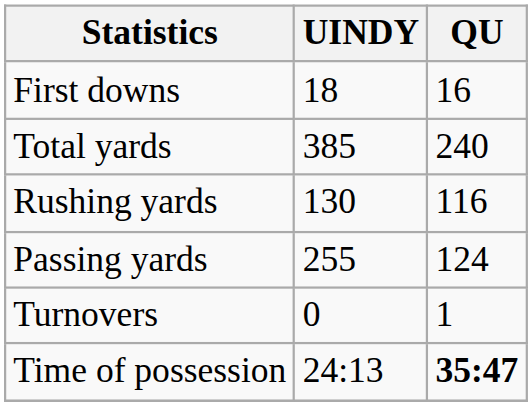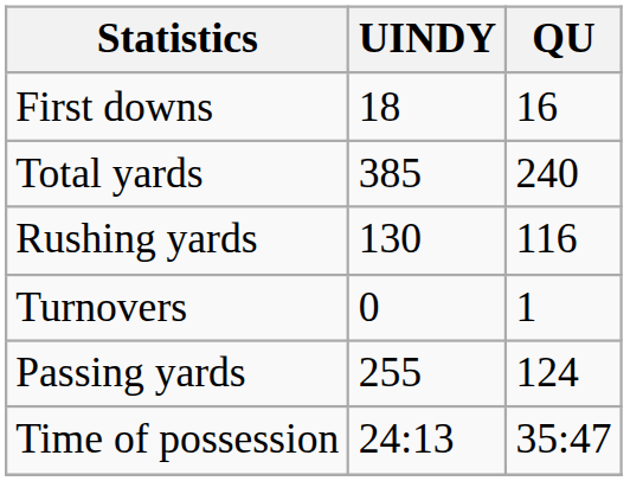 <table class="wikitable" style="float: left;">
 <tr>
 <th>Statistics</th>
 <th>UINDY</th>
 <th>QU</th>
 </tr>
 <tr>
 <td>First downs</td>
 <td>18</td>
 <td>16</td>
 </tr>
 <tr>
 <td>Total yards</td>
 <td>385</td>
 <td>240</td>
 </tr>
 <tr>
 <td>Rushing yards</td>
 <td>130</td>
 <td>116</td>
 </tr>
 <tr>
+<td>Turnovers</td>
+<td>0</td>
+<td>1</td>
+</tr>
+<tr>
 <td>Passing yards</td>
 <td>255</td>
 <td>124</td>
 </tr>
 <tr>
-<td>Turnovers</td>
-<td>0</td>
-<td>1</td>
-</tr>
-<tr>
 <td>Time of possession</td>
 <td>24:13</td>
-<td><strong>35:47</strong></td>
+<td>35:47</td>
 </tr>
 <tr>
 </tr>
 </table>
